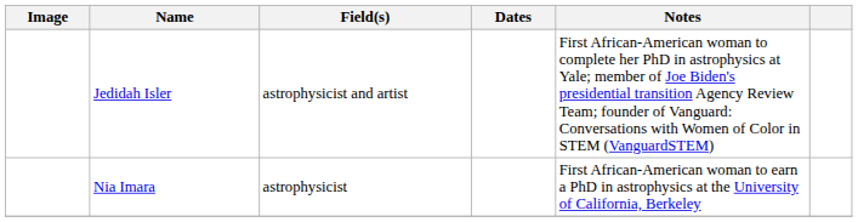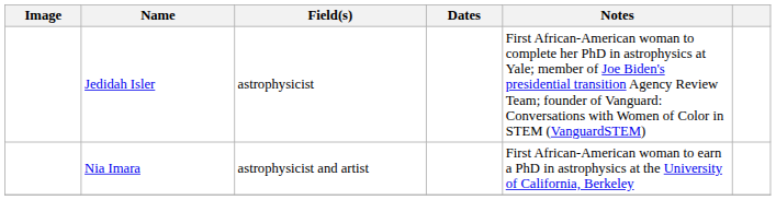 <table class="wikitable sortable plainrowheaders" style="width:100%; background:#fff;">
 <tr class="unsortable">
 <th scope="col" class="unsortable">Image</th>
 <th scope="col" style="width:20%;">Name</th>
 <th scope="col" style="width:25%;">Field(s)</th>
 <th scope="col" style="width:10%;">Dates</th>
 <th scope="col" class="unsortable" style="width: 30%">Notes</th>
 <th scope="col" class="unsortable" style="width: 5%"></th>
 </tr>
 <tr>
 <td></td>
 <td><a href='#'>Jedidah Isler</a></td>
-<td>astrophysicist and artist</td>
+<td>astrophysicist</td>
 <td></td>
 <td>First African-American woman to complete her PhD in astrophysics at Yale; member of <a href='#'>Joe Biden's presidential transition</a> Agency Review Team; founder of Vanguard: Conversations with Women of Color in STEM (<a href='#'>VanguardSTEM</a>)</td>
 <td></td>
 </tr>
 <tr>
 <td></td>
 <td><a href='#'>Nia Imara</a></td>
-<td>astrophysicist</td>
+<td>astrophysicist and artist</td>
 <td></td>
 <td>First African-American woman to earn a PhD in astrophysics at the <a href='#'>University of California, Berkeley</a></td>
 <td></td>
 </tr>
 <tr>
 </tr>
 </table>
